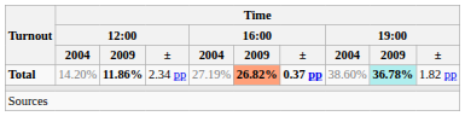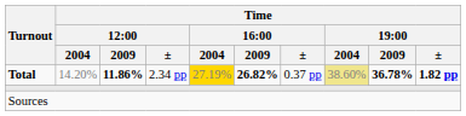 <table class="wikitable sortable" style="text-align:right;">
 <tr>
 <th rowspan="3">Turnout</th>
 <th colspan="9">Time</th>
 </tr>
 <tr>
 <th colspan="3">12:00</th>
 <th colspan="3">16:00</th>
 <th colspan="3">19:00</th>
 </tr>
 <tr>
 <th>2004</th>
 <th>2009</th>
 <th>±</th>
 <th>2004</th>
 <th>2009</th>
 <th>±</th>
 <th>2004</th>
 <th>2009</th>
 <th>±</th>
 </tr>
 <tr>
 <td align="left"><strong>Total</strong></td>
 <td style="color:gray;">14.20%</td>
 <td><strong>11.86%</strong></td>
 <td> 2.34 <a href='#'>pp</a></td>
-<td style="color:gray;">27.19%</td>
-<td style="background: lightsalmon;"><strong>26.82%</strong></td>
-<td><strong> 0.37 <a href='#'>pp</a></strong></td>
-<td style="color:gray;">38.60%</td>
-<td style="background: paleturquoise;"><strong>36.78%</strong></td>
-<td> 1.82 <a href='#'>pp</a></td>
+<td style="background: gold; color:gray;">27.19%</td>
+<td><strong>26.82%</strong></td>
+<td> 0.37 <a href='#'>pp</a></td>
+<td style="background: khaki; color:gray;">38.60%</td>
+<td><strong>36.78%</strong></td>
+<td><strong> 1.82 <a href='#'>pp</a></strong></td>
 </tr>
 <tr>
 <td colspan="10" bgcolor="#E9E9E9"></td>
 </tr>
 <tr>
 <td align="left" colspan="10">Sources</td>
 </tr>
 </table>
